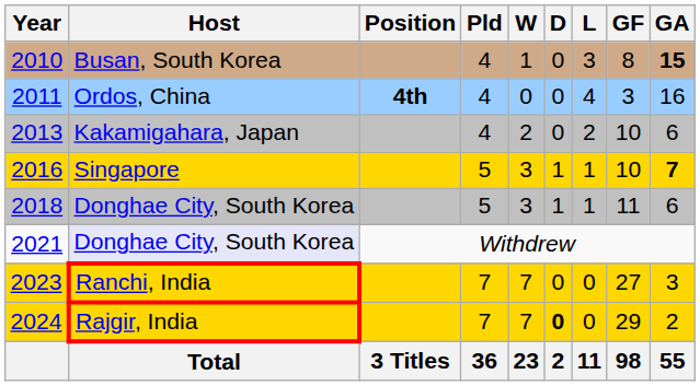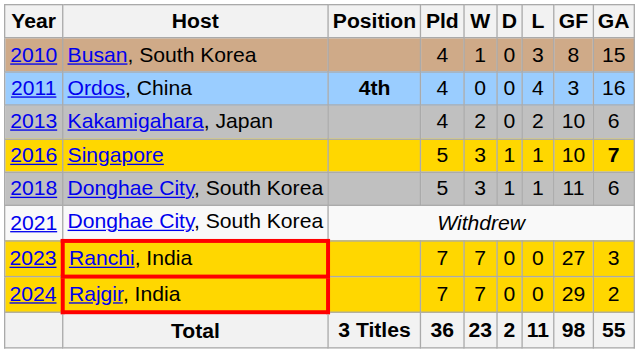 <table class="wikitable" style="text-align: center;">
 <tr>
 <th>Year</th>
 <th>Host</th>
 <th>Position</th>
 <th>Pld</th>
 <th>W</th>
 <th>D</th>
 <th>L</th>
 <th>GF</th>
 <th>GA</th>
 </tr>
 <tr bgcolor=#CFAA88>
 <td><a href='#'>2010</a></td>
 <td align=left> <a href='#'>Busan</a>, South Korea</td>
 <td></td>
 <td>4</td>
 <td>1</td>
 <td>0</td>
 <td>3</td>
 <td>8</td>
-<td><strong>15</strong></td>
+<td>15</td>
 </tr>
 <tr style="background:#9acdff;">
 <td><a href='#'>2011</a></td>
 <td align=left> <a href='#'>Ordos</a>, China</td>
 <td><strong>4th</strong></td>
 <td>4</td>
 <td>0</td>
 <td>0</td>
 <td>4</td>
 <td>3</td>
 <td>16</td>
 </tr>
 <tr bgcolor=silver>
 <td><a href='#'>2013</a></td>
 <td align=left> <a href='#'>Kakamigahara</a>, Japan</td>
 <td></td>
 <td>4</td>
 <td>2</td>
 <td>0</td>
 <td>2</td>
 <td>10</td>
 <td>6</td>
 </tr>
 <tr bgcolor=gold>
 <td><a href='#'>2016</a></td>
 <td align=left> <a href='#'>Singapore</a></td>
 <td></td>
 <td>5</td>
 <td>3</td>
 <td>1</td>
 <td>1</td>
 <td>10</td>
 <td><strong>7</strong></td>
 </tr>
 <tr bgcolor=silver>
 <td><a href='#'>2018</a></td>
 <td align=left> <a href='#'>Donghae City</a>, South Korea</td>
 <td></td>
 <td>5</td>
 <td>3</td>
 <td>1</td>
 <td>1</td>
 <td>11</td>
 <td>6</td>
 </tr>
 <tr>
 <td><a href='#'>2021</a></td>
-<td align=left style="background: lavender;"> <a href='#'>Donghae City</a>, South Korea</td>
+<td align=left> <a href='#'>Donghae City</a>, South Korea</td>
 <td colspan=8><em>Withdrew</em></td>
 </tr>
 <tr bgcolor=gold>
 <td><a href='#'>2023</a></td>
 <td align=left style="border: 3px solid red"> <a href='#'>Ranchi</a>, India</td>
 <td></td>
 <td>7</td>
 <td>7</td>
 <td>0</td>
 <td>0</td>
 <td>27</td>
 <td>3</td>
 </tr>
 <tr bgcolor=Gold>
 <td><a href='#'>2024</a></td>
 <td align=left style="border: 3px solid red"> <a href='#'>Rajgir</a>, India</td>
 <td></td>
 <td>7</td>
 <td>7</td>
-<td><strong>0</strong></td>
+<td>0</td>
 <td>0</td>
 <td>29</td>
 <td>2</td>
 </tr>
 <tr>
 <th></th>
 <th>Total</th>
 <th><strong>3 Titles</strong></th>
 <th>36</th>
 <th>23</th>
 <th>2</th>
 <th>11</th>
 <th>98</th>
 <th>55</th>
 </tr>
 </table>
